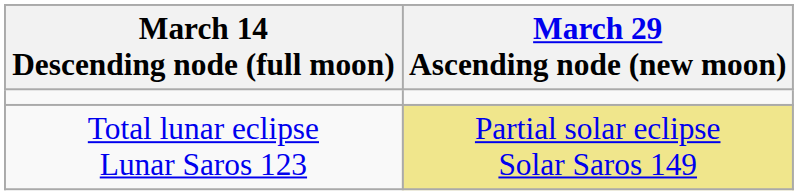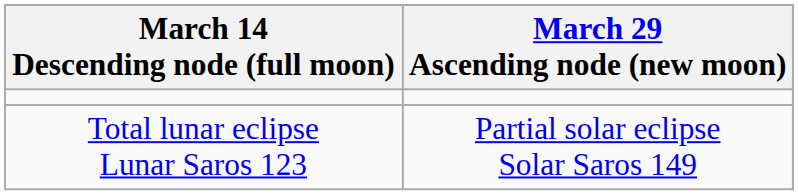 <table class="wikitable">
 <tr>
 <th>March 14<br>Descending node (full moon)<br></th>
 <th><a href='#'>March 29</a><br>Ascending node (new moon)<br></th>
 </tr>
 <tr>
 <td></td>
 <td></td>
 </tr>
 <tr align=center>
 <td><a href='#'>Total lunar eclipse</a><br><a href='#'>Lunar Saros 123</a></td>
-<td style="background: khaki;"><a href='#'>Partial solar eclipse</a><br><a href='#'>Solar Saros 149</a></td>
+<td><a href='#'>Partial solar eclipse</a><br><a href='#'>Solar Saros 149</a></td>
 </tr>
 </table>
